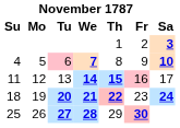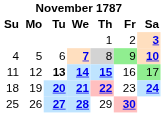 <table class="toccolours" style="text-align:right;float:left;width:14em;margin-right:1em;" cellpadding=2 cellspacing=0>
 <tr class="calendar-purple">
 <td></td>
 <th colspan="5" style="text-align: center;">November 1787</th>
 <td></td>
 </tr>
 <tr class="calendar-purple" style="border: none;">
 <th scope="col" width="14.2857%" title="Sunday">Su</th>
 <th scope="col" width="14.2857%" title="Monday">Mo</th>
 <th scope="col" width="14.2857%" title="Tuesday">Tu</th>
 <th scope="col" width="14.2857%" title="Wednesday">We</th>
 <th scope="col" width="14.2857%" title="Thursday">Th</th>
 <th scope="col" width="14.2857%" title="Friday">Fr</th>
 <th scope="col" width="14.2857%" title="Saturday">Sa</th>
 </tr>
 <tr>
 </tr>
 <tr>
 <td></td>
 <td></td>
 <td></td>
 <td></td>
 <td>1</td>
 <td>2</td>
 <td style="background-color:#FFDFBF"><strong><a href='#'>3</a></strong></td>
 </tr>
 <tr>
 <td>4</td>
 <td>5</td>
-<td style="background: pink;">6</td>
+<td>6</td>
 <td style="background-color:#FFDFBF"><strong><a href='#'>7</a></strong></td>
-<td>8</td>
-<td>9</td>
+<td style="background: lightgrey;">8</td>
+<td style="background: lightgreen;">9</td>
 <td style="background-color:#FFDFBF"><strong><a href='#'>10</a></strong></td>
 </tr>
 <tr>
 <td>11</td>
 <td>12</td>
-<td>13</td>
+<td><strong>13</strong></td>
 <td style="background-color:#BFE4FF"><strong><a href='#'>14</a></strong></td>
 <td style="background-color:#BFE4FF"><strong><a href='#'>15</a></strong></td>
-<td style="background: pink;">16</td>
-<td>17</td>
+<td>16</td>
+<td style="background: lightgreen;">17</td>
 </tr>
 <tr>
 <td>18</td>
 <td>19</td>
 <td style="background-color:#BFE4FF"><strong><a href='#'>20</a></strong></td>
 <td style="background-color:#BFE4FF"><strong><a href='#'>21</a></strong></td>
 <td style="background-color:#FFBFBF"><strong><a href='#'>22</a></strong></td>
 <td>23</td>
 <td style="background-color:#BFE4FF"><strong><a href='#'>24</a></strong></td>
 </tr>
 <tr>
 <td>25</td>
 <td>26</td>
 <td style="background-color:#BFE4FF"><strong><a href='#'>27</a></strong></td>
 <td style="background-color:#BFE4FF"><strong><a href='#'>28</a></strong></td>
 <td>29</td>
 <td style="background-color:#FFBFBF"><strong><a href='#'>30</a></strong></td>
 <td></td>
 </tr>
 <tr>
 <td colspan=7> </td>
 </tr>
 <tr class="calendar-purple">
 </tr>
 <tr class="calendar-purple">
 </tr>
 </table>
